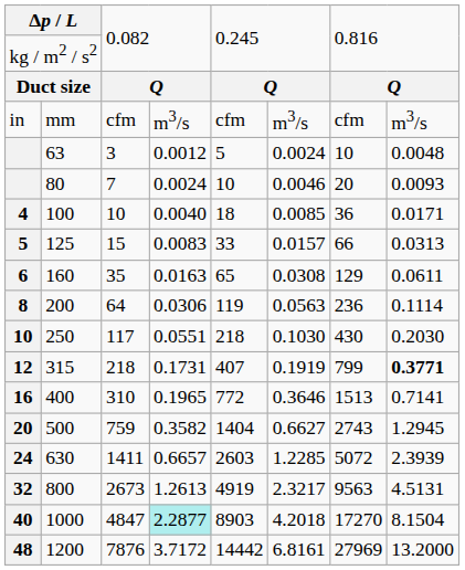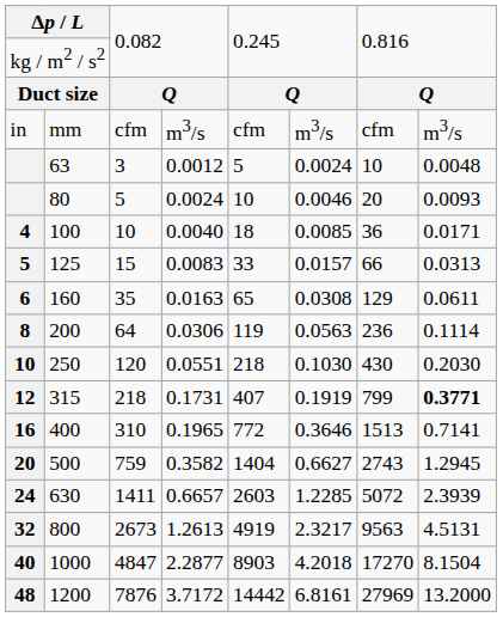 <table class="wikitable" summary="For various Nominal Duct Sizes (63–1200 mm">
 <tr>
 <th scope="col" colspan=2>Δ<em>p</em> / <em>L</em><br></th>
 <td scope="col" colspan=2, rowspan=2>0.082<br></td>
 <td scope="col" colspan=2, rowspan=2>0.245<br></td>
 <td scope="col" colspan=2, rowspan=2>0.816<br></td>
 </tr>
 <tr>
 <td scope="col" colspan=2>kg / m<sup>2</sup> / s<sup>2</sup><br>            </td>
 </tr>
 <tr>
 <th scope="col" colspan=2>Duct size<br></th>
 <th scope="col" colspan=2><em>Q</em><br></th>
 <th scope="col" colspan=2><em>Q</em><br></th>
 <th scope="col" colspan=2><em>Q</em><br></th>
 </tr>
 <tr>
 <td>in</td>
 <td>mm</td>
 <td>cfm</td>
 <td>m<sup>3</sup>/s</td>
 <td>cfm</td>
 <td>m<sup>3</sup>/s</td>
 <td>cfm</td>
 <td>m<sup>3</sup>/s</td>
 </tr>
 <tr>
 <th scope="row"></th>
 <td>63</td>
 <td>3</td>
 <td>0.0012</td>
 <td>5</td>
 <td>0.0024</td>
 <td>10</td>
 <td>0.0048</td>
 </tr>
 <tr>
 <th scope="row"></th>
 <td>80</td>
-<td>7</td>
+<td>5</td>
 <td>0.0024</td>
 <td>10</td>
 <td>0.0046</td>
 <td>20</td>
 <td>0.0093</td>
 </tr>
 <tr>
 <th scope="row">4</th>
 <td>100</td>
 <td>10</td>
 <td>0.0040</td>
 <td>18</td>
 <td>0.0085</td>
 <td>36</td>
 <td>0.0171</td>
 </tr>
 <tr>
 <th scope="row">5</th>
 <td>125</td>
 <td>15</td>
 <td>0.0083</td>
 <td>33</td>
 <td>0.0157</td>
 <td>66</td>
 <td>0.0313</td>
 </tr>
 <tr>
 <th scope="row">6</th>
 <td>160</td>
 <td>35</td>
 <td>0.0163</td>
 <td>65</td>
 <td>0.0308</td>
 <td>129</td>
 <td>0.0611</td>
 </tr>
 <tr>
 <th scope="row">8</th>
 <td>200</td>
 <td>64</td>
 <td>0.0306</td>
 <td>119</td>
 <td>0.0563</td>
 <td>236</td>
 <td>0.1114</td>
 </tr>
 <tr>
 <th scope="row">10</th>
 <td>250</td>
-<td>117</td>
+<td>120</td>
 <td>0.0551</td>
 <td>218</td>
 <td>0.1030</td>
 <td>430</td>
 <td>0.2030</td>
 </tr>
 <tr>
 <th scope="row">12</th>
 <td>315</td>
 <td>218</td>
 <td>0.1731</td>
 <td>407</td>
 <td>0.1919</td>
 <td>799</td>
 <td><strong>0.3771</strong></td>
 </tr>
 <tr>
 <th scope="row">16</th>
 <td>400</td>
 <td>310</td>
 <td>0.1965</td>
 <td>772</td>
 <td>0.3646</td>
 <td>1513</td>
 <td>0.7141</td>
 </tr>
 <tr>
 <th scope="row">20</th>
 <td>500</td>
 <td>759</td>
 <td>0.3582</td>
 <td>1404</td>
 <td>0.6627</td>
 <td>2743</td>
 <td>1.2945</td>
 </tr>
 <tr>
 <th scope="row">24</th>
 <td>630</td>
 <td>1411</td>
 <td>0.6657</td>
 <td>2603</td>
 <td>1.2285</td>
 <td>5072</td>
 <td>2.3939</td>
 </tr>
 <tr>
 <th scope="row">32</th>
 <td>800</td>
 <td>2673</td>
 <td>1.2613</td>
 <td>4919</td>
 <td>2.3217</td>
 <td>9563</td>
 <td>4.5131</td>
 </tr>
 <tr>
 <th scope="row">40</th>
 <td>1000</td>
 <td>4847</td>
-<td style="background: paleturquoise;">2.2877</td>
+<td>2.2877</td>
 <td>8903</td>
 <td>4.2018</td>
 <td>17270</td>
 <td>8.1504</td>
 </tr>
 <tr>
 <th scope="row">48</th>
 <td>1200</td>
 <td>7876</td>
 <td>3.7172</td>
 <td>14442</td>
 <td>6.8161</td>
 <td>27969</td>
 <td>13.2000</td>
 </tr>
 </table>
